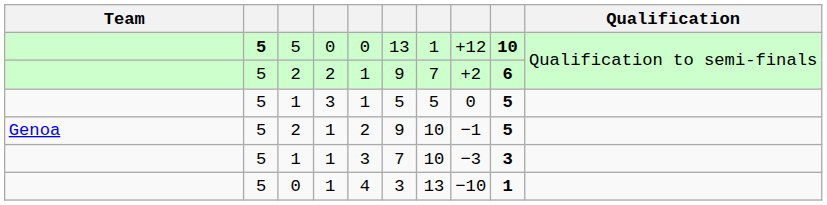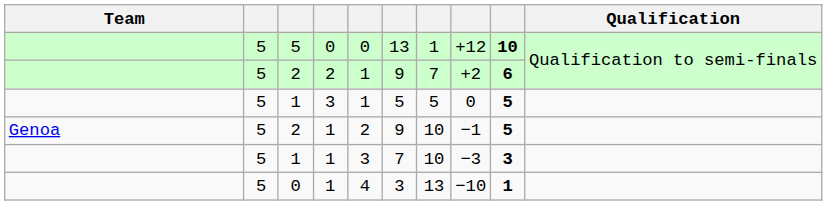 <table class="wikitable" style="text-align:center;">
 <tr>
 <th width=175>Team</th>
 <th width=20></th>
 <th width=20></th>
 <th width=20></th>
 <th width=20></th>
 <th width=20></th>
 <th width=20></th>
 <th width=20></th>
 <th width=20></th>
 <th>Qualification</th>
 </tr>
 <tr bgcolor="#ccffcc">
 <td align="left"></td>
-<td><strong>5</strong></td>
+<td>5</td>
 <td>5</td>
 <td>0</td>
 <td>0</td>
 <td>13</td>
 <td>1</td>
 <td>+12</td>
 <td><strong>10</strong></td>
 <td rowspan="2">Qualification to semi-finals</td>
 </tr>
 <tr bgcolor="#ccffcc">
 <td align="left"></td>
 <td>5</td>
 <td>2</td>
 <td>2</td>
 <td>1</td>
 <td>9</td>
 <td>7</td>
 <td>+2</td>
 <td><strong>6</strong></td>
 </tr>
 <tr>
 <td align="left"></td>
 <td>5</td>
 <td>1</td>
 <td>3</td>
 <td>1</td>
 <td>5</td>
 <td>5</td>
 <td>0</td>
 <td><strong>5</strong></td>
 <td></td>
 </tr>
 <tr>
 <td align="left"> <a href='#'>Genoa</a></td>
 <td>5</td>
 <td>2</td>
 <td>1</td>
 <td>2</td>
 <td>9</td>
 <td>10</td>
 <td>−1</td>
 <td><strong>5</strong></td>
 <td></td>
 </tr>
 <tr>
 <td align="left"></td>
 <td>5</td>
 <td>1</td>
 <td>1</td>
 <td>3</td>
 <td>7</td>
 <td>10</td>
 <td>−3</td>
 <td><strong>3</strong></td>
 <td></td>
 </tr>
 <tr>
 <td align="left"></td>
 <td>5</td>
 <td>0</td>
 <td>1</td>
 <td>4</td>
 <td>3</td>
 <td>13</td>
 <td>−10</td>
 <td><strong>1</strong></td>
 <td></td>
 </tr>
 </table>
